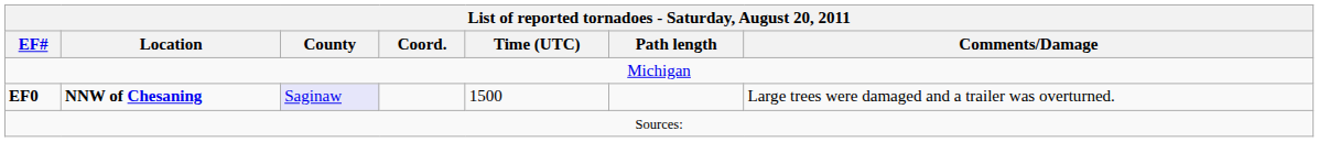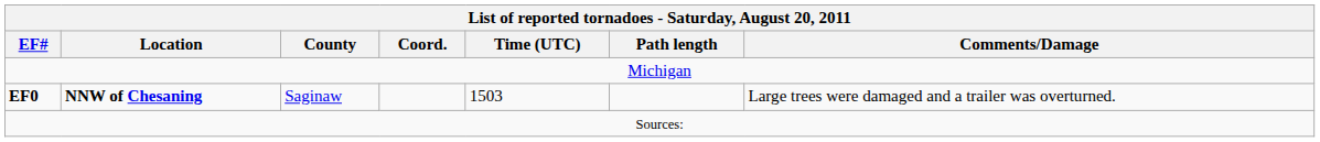 <table class="wikitable collapsible" width="100%">
 <tr>
 <th colspan="7">List of reported tornadoes - Saturday, August 20, 2011</th>
 </tr>
 <tr>
 <th><a href='#'>EF#</a></th>
 <th>Location</th>
 <th>County</th>
 <th>Coord.</th>
 <th>Time (UTC)</th>
 <th>Path length</th>
 <th>Comments/Damage</th>
 </tr>
 <tr>
 <td colspan="7" align=center><a href='#'>Michigan</a></td>
 </tr>
 <tr>
 <td><strong>EF0</strong></td>
 <td><strong>NNW of <a href='#'>Chesaning</a></strong></td>
-<td style="background: lavender;"><a href='#'>Saginaw</a></td>
+<td><a href='#'>Saginaw</a></td>
 <td></td>
-<td>1500</td>
+<td>1503</td>
 <td></td>
 <td>Large trees were damaged and a trailer was overturned.</td>
 </tr>
 <tr>
 <td colspan="7" align=center><small>Sources:  </small></td>
 </tr>
 </table>
